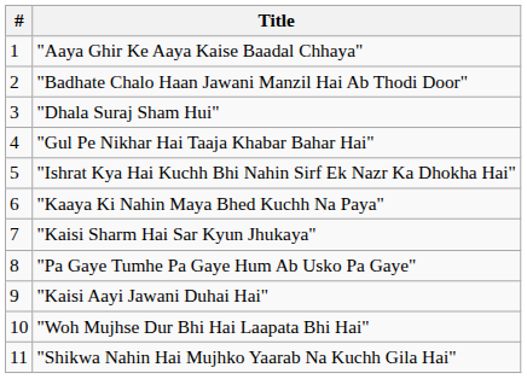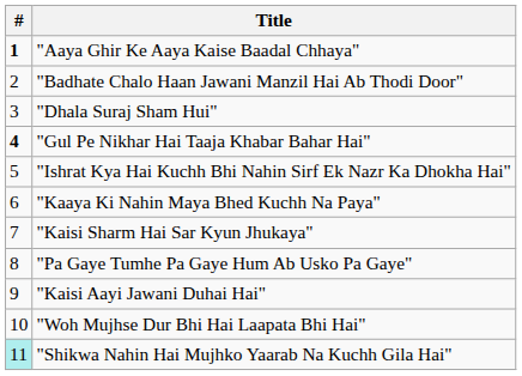 <table class="wikitable" style="font-size:95%;">
 <tr>
 <th>#</th>
 <th>Title</th>
 </tr>
 <tr>
-<td>1</td>
+<td><strong>1</strong></td>
 <td>"Aaya Ghir Ke Aaya Kaise Baadal Chhaya"</td>
 </tr>
 <tr>
 <td>2</td>
 <td>"Badhate Chalo Haan Jawani Manzil Hai Ab Thodi Door"</td>
 </tr>
 <tr>
 <td>3</td>
 <td>"Dhala Suraj Sham Hui"</td>
 </tr>
 <tr>
-<td>4</td>
+<td><strong>4</strong></td>
 <td>"Gul Pe Nikhar Hai Taaja Khabar Bahar Hai"</td>
 </tr>
 <tr>
 <td>5</td>
 <td>"Ishrat Kya Hai Kuchh Bhi Nahin Sirf Ek Nazr Ka Dhokha Hai"</td>
 </tr>
 <tr>
 <td>6</td>
 <td>"Kaaya Ki Nahin Maya Bhed Kuchh Na Paya"</td>
 </tr>
 <tr>
 <td>7</td>
 <td>"Kaisi Sharm Hai Sar Kyun Jhukaya"</td>
 </tr>
 <tr>
 <td>8</td>
 <td>"Pa Gaye Tumhe Pa Gaye Hum Ab Usko Pa Gaye"</td>
 </tr>
 <tr>
 <td>9</td>
 <td>"Kaisi Aayi Jawani Duhai Hai"</td>
 </tr>
 <tr>
 <td>10</td>
 <td>"Woh Mujhse Dur Bhi Hai Laapata Bhi Hai"</td>
 </tr>
 <tr>
-<td>11</td>
+<td style="background: paleturquoise;">11</td>
 <td>"Shikwa Nahin Hai Mujhko Yaarab Na Kuchh Gila Hai"</td>
 </tr>
 <tr>
 </tr>
 </table>
